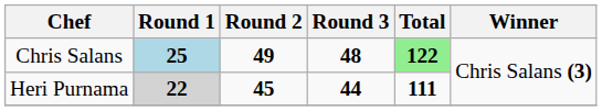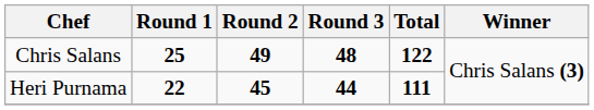 <table class="wikitable"  style="float:left; margin:auto; text-align:center;">
 <tr>
 <th>Chef</th>
 <th>Round 1</th>
 <th>Round 2</th>
 <th>Round 3</th>
 <th>Total</th>
 <th>Winner</th>
 </tr>
 <tr>
 <td>Chris Salans</td>
-<td style="background: lightblue;"><strong>25</strong></td>
+<td><strong>25</strong></td>
 <td><strong>49</strong></td>
 <td><strong>48</strong></td>
-<td style="background: lightgreen;"><strong>122</strong></td>
+<td><strong>122</strong></td>
 <td rowspan=2>Chris Salans <strong>(3)</strong></td>
 </tr>
 <tr>
 <td>Heri Purnama</td>
-<td style="background: lightgrey;"><strong>22</strong></td>
+<td><strong>22</strong></td>
 <td><strong>45</strong></td>
 <td><strong>44</strong></td>
 <td><strong>111</strong></td>
 </tr>
 <tr>
 </tr>
 </table>
